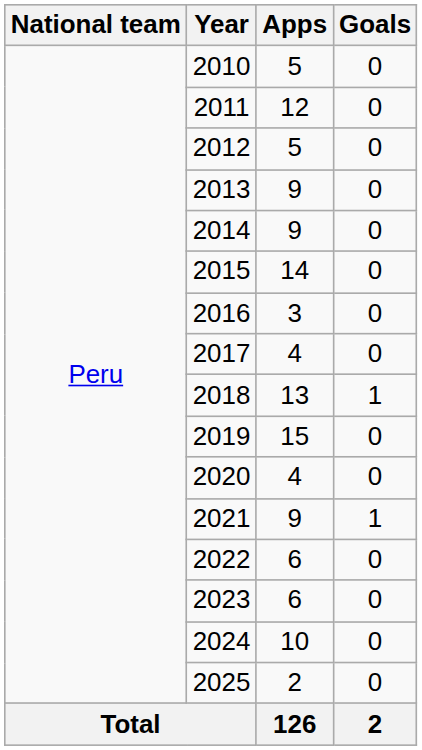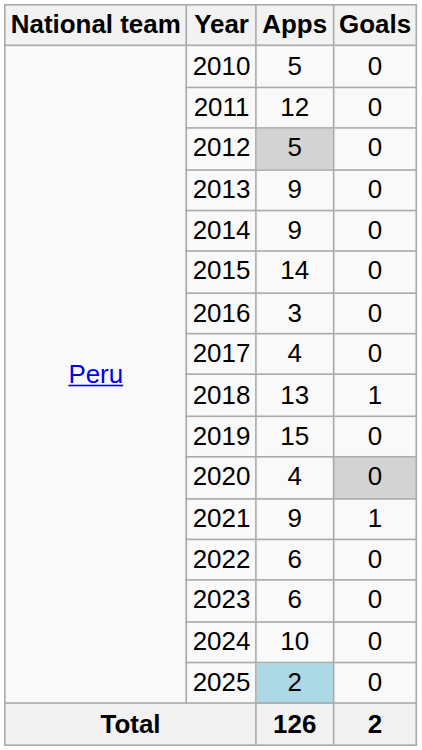 <table class="wikitable" style="text-align:center">
 <tr>
 <th>National team</th>
 <th>Year</th>
 <th>Apps</th>
 <th>Goals</th>
 </tr>
 <tr>
 <td rowspan="16"><a href='#'>Peru</a></td>
 <td>2010</td>
 <td>5</td>
 <td>0</td>
 </tr>
 <tr>
 <td>2011</td>
 <td>12</td>
 <td>0</td>
 </tr>
 <tr>
 <td>2012</td>
-<td>5</td>
+<td style="background: lightgrey;">5</td>
 <td>0</td>
 </tr>
 <tr>
 <td>2013</td>
 <td>9</td>
 <td>0</td>
 </tr>
 <tr>
 <td>2014</td>
 <td>9</td>
 <td>0</td>
 </tr>
 <tr>
 <td>2015</td>
 <td>14</td>
 <td>0</td>
 </tr>
 <tr>
 <td>2016</td>
 <td>3</td>
 <td>0</td>
 </tr>
 <tr>
 <td>2017</td>
 <td>4</td>
 <td>0</td>
 </tr>
 <tr>
 <td>2018</td>
 <td>13</td>
 <td>1</td>
 </tr>
 <tr>
 <td>2019</td>
 <td>15</td>
 <td>0</td>
 </tr>
 <tr>
 <td>2020</td>
 <td>4</td>
-<td>0</td>
+<td style="background: lightgrey;">0</td>
 </tr>
 <tr>
 <td>2021</td>
 <td>9</td>
 <td>1</td>
 </tr>
 <tr>
 <td>2022</td>
 <td>6</td>
 <td>0</td>
 </tr>
 <tr>
 <td>2023</td>
 <td>6</td>
 <td>0</td>
 </tr>
 <tr>
 <td>2024</td>
 <td>10</td>
 <td>0</td>
 </tr>
 <tr>
 <td>2025</td>
-<td>2</td>
+<td style="background: lightblue;">2</td>
 <td>0</td>
 </tr>
 <tr>
 <th colspan="2">Total</th>
 <th>126</th>
 <th>2</th>
 </tr>
 </table>
